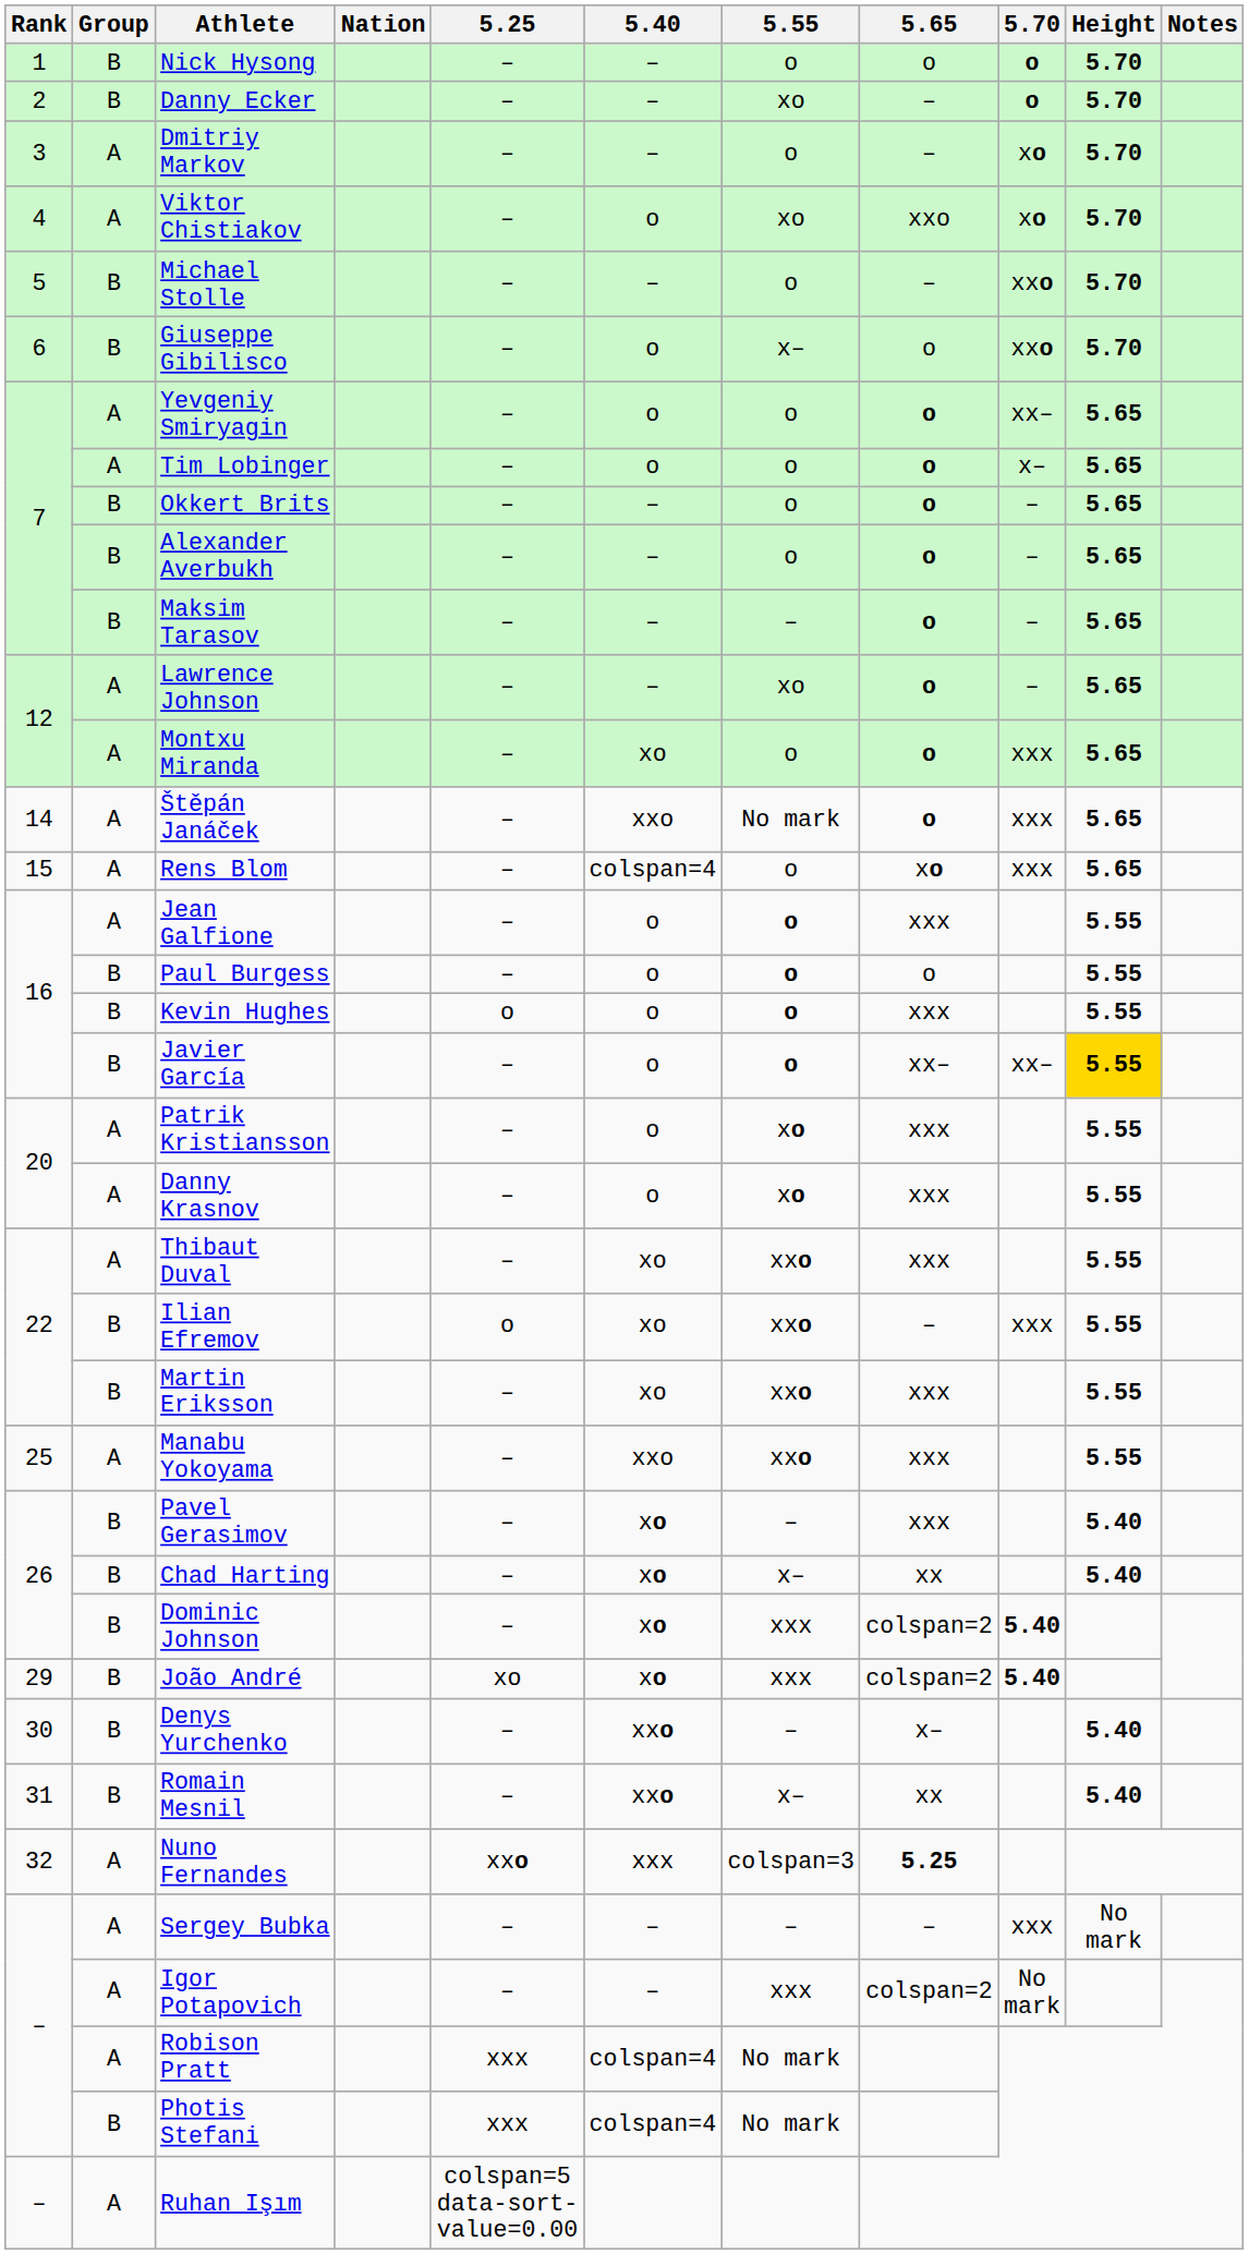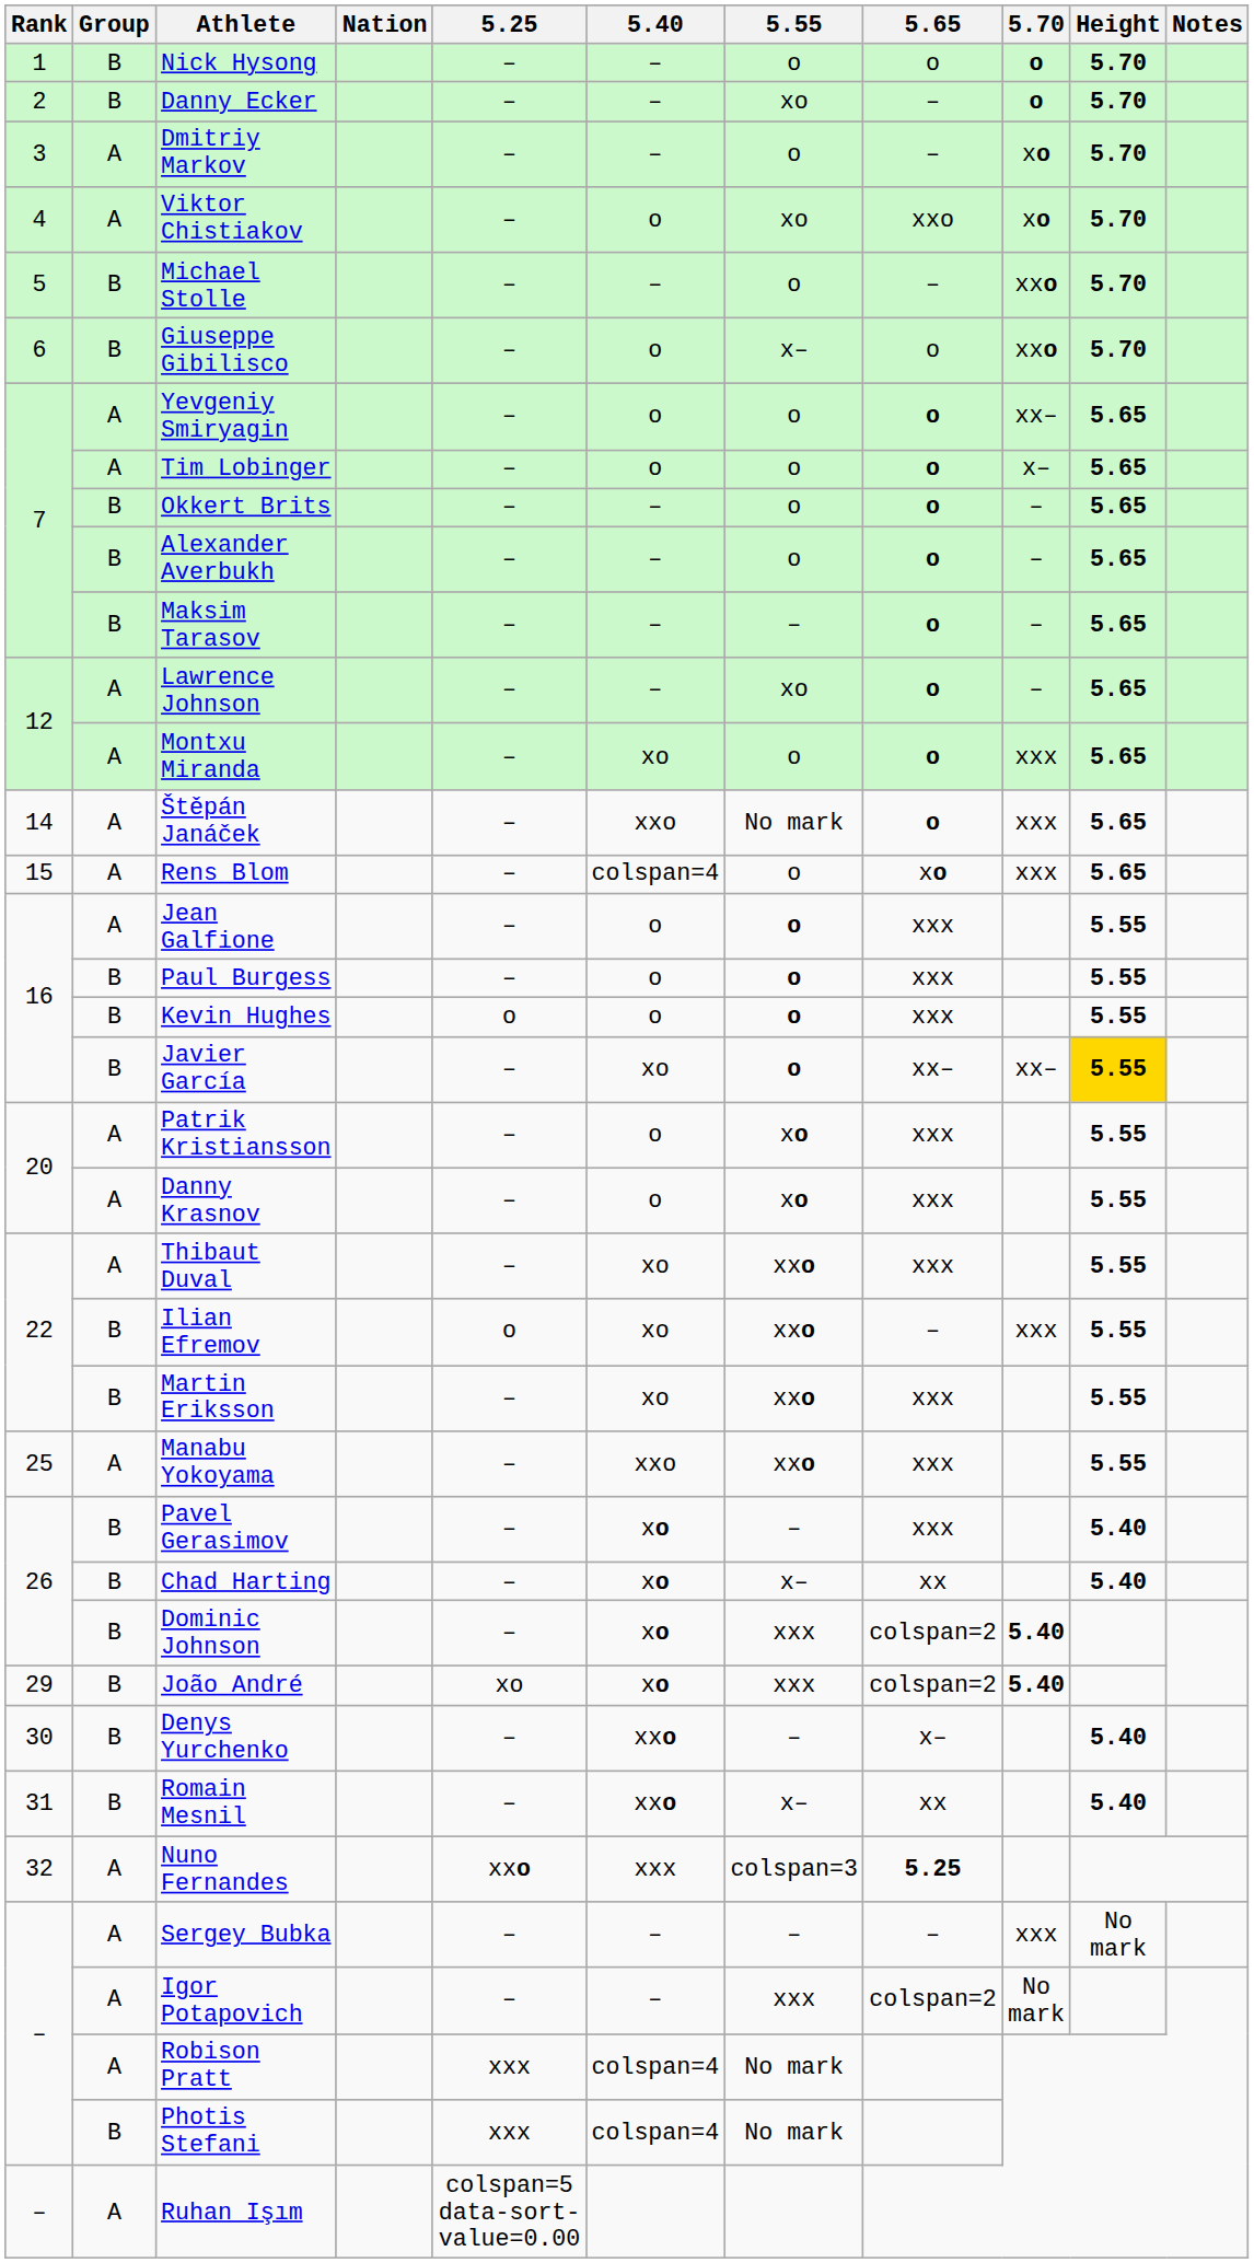 <table class="wikitable sortable" style="text-align:center">
 <tr>
 <th>Rank</th>
 <th>Group</th>
 <th>Athlete</th>
 <th>Nation</th>
 <th>5.25</th>
 <th>5.40</th>
 <th>5.55</th>
 <th>5.65</th>
 <th>5.70</th>
 <th>Height</th>
 <th>Notes</th>
 </tr>
 <tr bgcolor=ccf9cc>
 <td>1</td>
 <td>B</td>
 <td align=left><a href='#'>Nick Hysong</a></td>
 <td align=left></td>
 <td>–</td>
 <td>–</td>
 <td>o</td>
 <td>o</td>
 <td><strong>o</strong></td>
 <td><strong>5.70</strong></td>
 <td></td>
 </tr>
 <tr bgcolor=ccf9cc>
 <td>2</td>
 <td>B</td>
 <td align=left><a href='#'>Danny Ecker</a></td>
 <td align=left></td>
 <td>–</td>
 <td>–</td>
 <td>xo</td>
 <td>–</td>
 <td><strong>o</strong></td>
 <td><strong>5.70</strong></td>
 <td></td>
 </tr>
 <tr bgcolor=ccf9cc>
 <td>3</td>
 <td>A</td>
 <td align=left><a href='#'>Dmitriy Markov</a></td>
 <td align=left></td>
 <td>–</td>
 <td>–</td>
 <td>o</td>
 <td>–</td>
 <td>x<strong>o</strong></td>
 <td><strong>5.70</strong></td>
 <td></td>
 </tr>
 <tr bgcolor=ccf9cc>
 <td>4</td>
 <td>A</td>
 <td align=left><a href='#'>Viktor Chistiakov</a></td>
 <td align=left></td>
 <td>–</td>
 <td>o</td>
 <td>xo</td>
 <td>xxo</td>
 <td>x<strong>o</strong></td>
 <td><strong>5.70</strong></td>
 <td></td>
 </tr>
 <tr bgcolor=ccf9cc>
 <td>5</td>
 <td>B</td>
 <td align=left><a href='#'>Michael Stolle</a></td>
 <td align=left></td>
 <td>–</td>
 <td>–</td>
 <td>o</td>
 <td>–</td>
 <td>xx<strong>o</strong></td>
 <td><strong>5.70</strong></td>
 <td></td>
 </tr>
 <tr bgcolor=ccf9cc>
 <td>6</td>
 <td>B</td>
 <td align=left><a href='#'>Giuseppe Gibilisco</a></td>
 <td align=left></td>
 <td>–</td>
 <td>o</td>
 <td>x–</td>
 <td>o</td>
 <td>xx<strong>o</strong></td>
 <td><strong>5.70</strong></td>
 <td></td>
 </tr>
 <tr bgcolor=ccf9cc>
 <td rowspan=5>7</td>
 <td>A</td>
 <td align=left><a href='#'>Yevgeniy Smiryagin</a></td>
 <td align=left></td>
 <td>–</td>
 <td>o</td>
 <td>o</td>
 <td><strong>o</strong></td>
 <td>xx–</td>
 <td><strong>5.65</strong></td>
 <td></td>
 </tr>
 <tr bgcolor=ccf9cc>
 <td>A</td>
 <td align=left><a href='#'>Tim Lobinger</a></td>
 <td align=left></td>
 <td>–</td>
 <td>o</td>
 <td>o</td>
 <td><strong>o</strong></td>
 <td>x–</td>
 <td><strong>5.65</strong></td>
 <td></td>
 </tr>
 <tr bgcolor=ccf9cc>
 <td>B</td>
 <td align=left><a href='#'>Okkert Brits</a></td>
 <td align=left></td>
 <td>–</td>
 <td>–</td>
 <td>o</td>
 <td><strong>o</strong></td>
 <td>–</td>
 <td><strong>5.65</strong></td>
 <td></td>
 </tr>
 <tr bgcolor=ccf9cc>
 <td>B</td>
 <td align=left><a href='#'>Alexander Averbukh</a></td>
 <td align=left></td>
 <td>–</td>
 <td>–</td>
 <td>o</td>
 <td><strong>o</strong></td>
 <td>–</td>
 <td><strong>5.65</strong></td>
 <td></td>
 </tr>
 <tr bgcolor=ccf9cc>
 <td>B</td>
 <td align=left><a href='#'>Maksim Tarasov</a></td>
 <td align=left></td>
 <td>–</td>
 <td>–</td>
 <td>–</td>
 <td><strong>o</strong></td>
 <td>–</td>
 <td><strong>5.65</strong></td>
 <td></td>
 </tr>
 <tr bgcolor=ccf9cc>
 <td rowspan=2>12</td>
 <td>A</td>
 <td align=left><a href='#'>Lawrence Johnson</a></td>
 <td align=left></td>
 <td>–</td>
 <td>–</td>
 <td>xo</td>
 <td><strong>o</strong></td>
 <td>–</td>
 <td><strong>5.65</strong></td>
 <td></td>
 </tr>
 <tr bgcolor=ccf9cc>
 <td>A</td>
 <td align=left><a href='#'>Montxu Miranda</a></td>
 <td align=left></td>
 <td>–</td>
 <td>xo</td>
 <td>o</td>
 <td><strong>o</strong></td>
 <td>xxx</td>
 <td><strong>5.65</strong></td>
 <td></td>
 </tr>
 <tr>
 <td>14</td>
 <td>A</td>
 <td align=left><a href='#'>Štěpán Janáček</a></td>
 <td align=left></td>
 <td>–</td>
 <td>xxo</td>
 <td data-sort-value=1.00>No mark</td>
 <td><strong>o</strong></td>
 <td>xxx</td>
 <td><strong>5.65</strong></td>
 <td></td>
 </tr>
 <tr>
 <td>15</td>
 <td>A</td>
 <td align=left><a href='#'>Rens Blom</a></td>
 <td align=left></td>
 <td>–</td>
 <td>colspan=4 </td>
 <td>o</td>
 <td>x<strong>o</strong></td>
 <td>xxx</td>
 <td><strong>5.65</strong></td>
 <td></td>
 </tr>
 <tr>
 <td rowspan=4>16</td>
 <td>A</td>
 <td align=left><a href='#'>Jean Galfione</a></td>
 <td align=left></td>
 <td>–</td>
 <td>o</td>
 <td><strong>o</strong></td>
 <td>xxx</td>
 <td></td>
 <td><strong>5.55</strong></td>
 <td></td>
 </tr>
 <tr>
 <td>B</td>
 <td align=left><a href='#'>Paul Burgess</a></td>
 <td align=left></td>
 <td>–</td>
 <td>o</td>
 <td><strong>o</strong></td>
-<td>o</td>
+<td>xxx</td>
 <td></td>
 <td><strong>5.55</strong></td>
 <td></td>
 </tr>
 <tr>
 <td>B</td>
 <td align=left><a href='#'>Kevin Hughes</a></td>
 <td align=left></td>
 <td>o</td>
 <td>o</td>
 <td><strong>o</strong></td>
 <td>xxx</td>
 <td></td>
 <td><strong>5.55</strong></td>
 <td></td>
 </tr>
 <tr>
 <td>B</td>
 <td align=left><a href='#'>Javier García</a></td>
 <td align=left></td>
 <td>–</td>
-<td>o</td>
+<td>xo</td>
 <td><strong>o</strong></td>
 <td>xx–</td>
 <td>xx–</td>
 <td style="background: gold;"><strong>5.55</strong></td>
 <td></td>
 </tr>
 <tr>
 <td rowspan=2>20</td>
 <td>A</td>
 <td align=left><a href='#'>Patrik Kristiansson</a></td>
 <td align=left></td>
 <td>–</td>
 <td>o</td>
 <td>x<strong>o</strong></td>
 <td>xxx</td>
 <td></td>
 <td><strong>5.55</strong></td>
 <td></td>
 </tr>
 <tr>
 <td>A</td>
 <td align=left><a href='#'>Danny Krasnov</a></td>
 <td align=left></td>
 <td>–</td>
 <td>o</td>
 <td>x<strong>o</strong></td>
 <td>xxx</td>
 <td></td>
 <td><strong>5.55</strong></td>
 <td></td>
 </tr>
 <tr>
 <td rowspan=3>22</td>
 <td>A</td>
 <td align=left><a href='#'>Thibaut Duval</a></td>
 <td align=left></td>
 <td>–</td>
 <td>xo</td>
 <td>xx<strong>o</strong></td>
 <td>xxx</td>
 <td></td>
 <td><strong>5.55</strong></td>
 <td></td>
 </tr>
 <tr>
 <td>B</td>
 <td align=left><a href='#'>Ilian Efremov</a></td>
 <td align=left></td>
 <td>o</td>
 <td>xo</td>
 <td>xx<strong>o</strong></td>
 <td>–</td>
 <td>xxx</td>
 <td><strong>5.55</strong></td>
 <td></td>
 </tr>
 <tr>
 <td>B</td>
 <td align=left><a href='#'>Martin Eriksson</a></td>
 <td align=left></td>
 <td>–</td>
 <td>xo</td>
 <td>xx<strong>o</strong></td>
 <td>xxx</td>
 <td></td>
 <td><strong>5.55</strong></td>
 <td></td>
 </tr>
 <tr>
 <td>25</td>
 <td>A</td>
 <td align=left><a href='#'>Manabu Yokoyama</a></td>
 <td align=left></td>
 <td>–</td>
 <td>xxo</td>
 <td>xx<strong>o</strong></td>
 <td>xxx</td>
 <td></td>
 <td><strong>5.55</strong></td>
 <td></td>
 </tr>
 <tr>
 <td rowspan=3>26</td>
 <td>B</td>
 <td align=left><a href='#'>Pavel Gerasimov</a></td>
 <td align=left></td>
 <td>–</td>
 <td>x<strong>o</strong></td>
 <td>–</td>
 <td>xxx</td>
 <td></td>
 <td><strong>5.40</strong></td>
 <td></td>
 </tr>
 <tr>
 <td>B</td>
 <td align=left><a href='#'>Chad Harting</a></td>
 <td align=left></td>
 <td>–</td>
 <td>x<strong>o</strong></td>
 <td>x–</td>
 <td>xx</td>
 <td></td>
 <td><strong>5.40</strong></td>
 <td></td>
 </tr>
 <tr>
 <td>B</td>
 <td align=left><a href='#'>Dominic Johnson</a></td>
 <td align=left></td>
 <td>–</td>
 <td>x<strong>o</strong></td>
 <td>xxx</td>
 <td>colspan=2 </td>
 <td><strong>5.40</strong></td>
 <td></td>
 </tr>
 <tr>
 <td>29</td>
 <td>B</td>
 <td align=left><a href='#'>João André</a></td>
 <td align=left></td>
 <td>xo</td>
 <td>x<strong>o</strong></td>
 <td>xxx</td>
 <td>colspan=2 </td>
 <td><strong>5.40</strong></td>
 <td></td>
 </tr>
 <tr>
 <td>30</td>
 <td>B</td>
 <td align=left><a href='#'>Denys Yurchenko</a></td>
 <td align=left></td>
 <td>–</td>
 <td>xx<strong>o</strong></td>
 <td>–</td>
 <td>x–</td>
 <td></td>
 <td><strong>5.40</strong></td>
 <td></td>
 </tr>
 <tr>
 <td>31</td>
 <td>B</td>
 <td align=left><a href='#'>Romain Mesnil</a></td>
 <td align=left></td>
 <td>–</td>
 <td>xx<strong>o</strong></td>
 <td>x–</td>
 <td>xx</td>
 <td></td>
 <td><strong>5.40</strong></td>
 <td></td>
 </tr>
 <tr>
 <td>32</td>
 <td>A</td>
 <td align=left><a href='#'>Nuno Fernandes</a></td>
 <td align=left></td>
 <td>xx<strong>o</strong></td>
 <td>xxx</td>
 <td>colspan=3 </td>
 <td><strong>5.25</strong></td>
 <td></td>
 </tr>
 <tr>
 <td rowspan=4 data-sort-value=33>–</td>
 <td>A</td>
 <td align=left><a href='#'>Sergey Bubka</a></td>
 <td align=left></td>
 <td>–</td>
 <td>–</td>
 <td>–</td>
 <td>–</td>
 <td>xxx</td>
 <td data-sort-value=1.00>No mark</td>
 <td></td>
 </tr>
 <tr>
 <td>A</td>
 <td align=left><a href='#'>Igor Potapovich</a></td>
 <td align=left></td>
 <td>–</td>
 <td>–</td>
 <td>xxx</td>
 <td>colspan=2 </td>
 <td data-sort-value=1.00>No mark</td>
 <td></td>
 </tr>
 <tr>
 <td>A</td>
 <td align=left><a href='#'>Robison Pratt</a></td>
 <td align=left></td>
 <td>xxx</td>
 <td>colspan=4 </td>
 <td data-sort-value=1.00>No mark</td>
 <td></td>
 </tr>
 <tr>
 <td>B</td>
 <td align=left><a href='#'>Photis Stefani</a></td>
 <td align=left></td>
 <td>xxx</td>
 <td>colspan=4 </td>
 <td data-sort-value=1.00>No mark</td>
 <td></td>
 </tr>
 <tr>
 <td data-sort-value=37>–</td>
 <td>A</td>
 <td align=left><a href='#'>Ruhan Işım</a></td>
 <td align=left></td>
 <td>colspan=5 data-sort-value=0.00 </td>
 <td data-sort-value=0.00></td>
 <td></td>
 </tr>
 </table>
